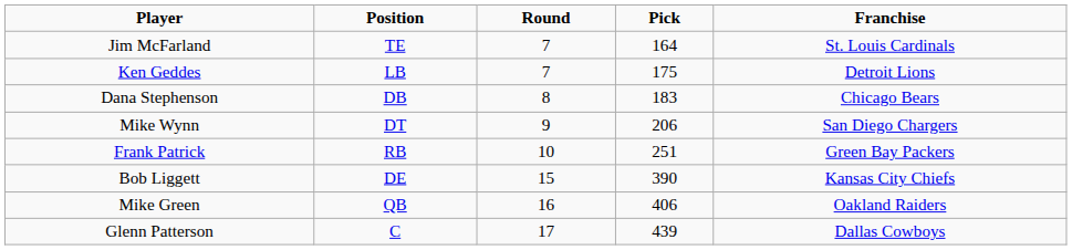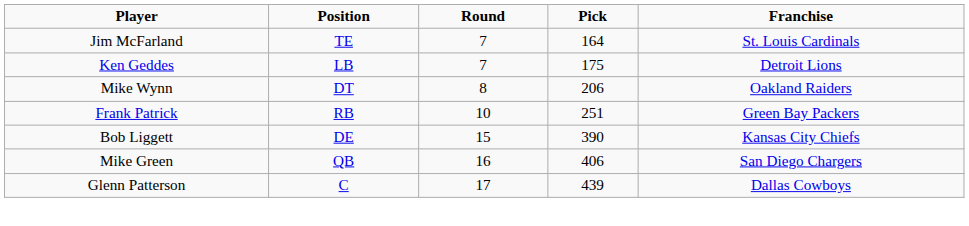 <table class="wikitable" width="80%">
 <tr align="center">
 <td><strong>Player</strong></td>
 <td><strong>Position</strong></td>
 <td><strong>Round</strong></td>
 <td><strong>Pick</strong></td>
 <td><strong>Franchise</strong></td>
 </tr>
 <tr align="center" bgcolor="">
 <td>Jim McFarland</td>
 <td><a href='#'>TE</a></td>
 <td>7</td>
 <td>164</td>
 <td><a href='#'>St. Louis Cardinals</a></td>
 </tr>
 <tr align="center" bgcolor="">
 <td><a href='#'>Ken Geddes</a></td>
 <td><a href='#'>LB</a></td>
 <td>7</td>
 <td>175</td>
 <td><a href='#'>Detroit Lions</a></td>
 </tr>
 <tr align="center" bgcolor="">
-<td>Dana Stephenson</td>
-<td><a href='#'>DB</a></td>
-<td>8</td>
-<td>183</td>
-<td><a href='#'>Chicago Bears</a></td>
-</tr>
-<tr align="center" bgcolor="">
 <td>Mike Wynn</td>
 <td><a href='#'>DT</a></td>
-<td>9</td>
+<td>8</td>
 <td>206</td>
-<td><a href='#'>San Diego Chargers</a></td>
+<td><a href='#'>Oakland Raiders</a></td>
 </tr>
 <tr align="center" bgcolor="">
 <td><a href='#'>Frank Patrick</a></td>
 <td><a href='#'>RB</a></td>
 <td>10</td>
 <td>251</td>
 <td><a href='#'>Green Bay Packers</a></td>
 </tr>
 <tr align="center" bgcolor="">
 <td>Bob Liggett</td>
 <td><a href='#'>DE</a></td>
 <td>15</td>
 <td>390</td>
 <td><a href='#'>Kansas City Chiefs</a></td>
 </tr>
 <tr align="center" bgcolor="">
 <td>Mike Green</td>
 <td><a href='#'>QB</a></td>
 <td>16</td>
 <td>406</td>
-<td><a href='#'>Oakland Raiders</a></td>
+<td><a href='#'>San Diego Chargers</a></td>
 </tr>
 <tr align="center" bgcolor="">
 <td>Glenn Patterson</td>
 <td><a href='#'>C</a></td>
 <td>17</td>
 <td>439</td>
 <td><a href='#'>Dallas Cowboys</a></td>
 </tr>
 </table>
